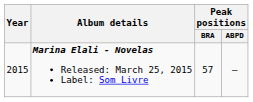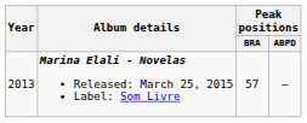 <table class="wikitable" style="text-align:center;">
 <tr>
 <th rowspan="2">Year</th>
 <th rowspan="2">Album details</th>
 <th colspan="2">Peak positions</th>
 </tr>
 <tr style="font-size:smaller;">
 <th width="30">BRA</th>
 <th width="30">ABPD</th>
 </tr>
 <tr>
-<td>2015</td>
+<td>2013</td>
 <td align="left"><strong><em>Marina Elali - Novelas</em></strong><br><ul><li>Released: March 25, 2015</li><li>Label: <a href='#'>Som Livre</a></li></ul></td>
 <td>57</td>
 <td>—</td>
 </tr>
 </table>
